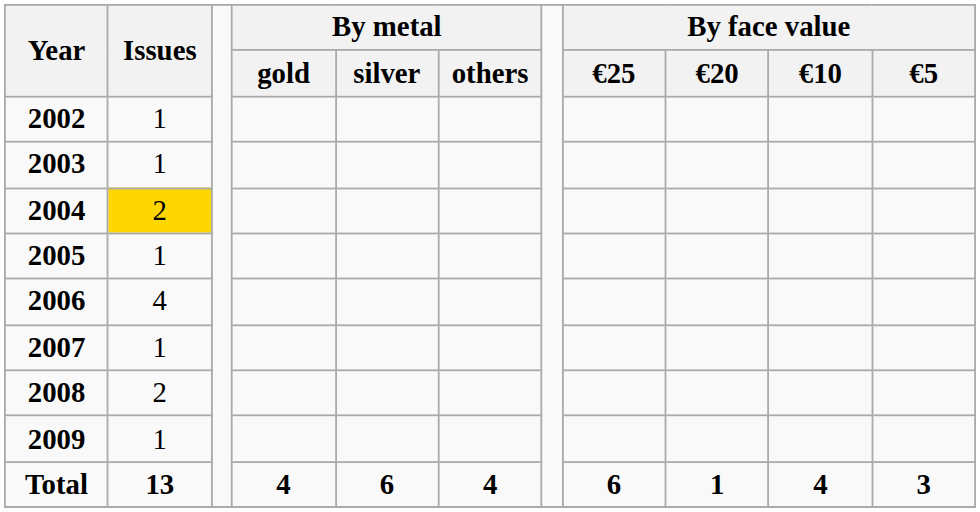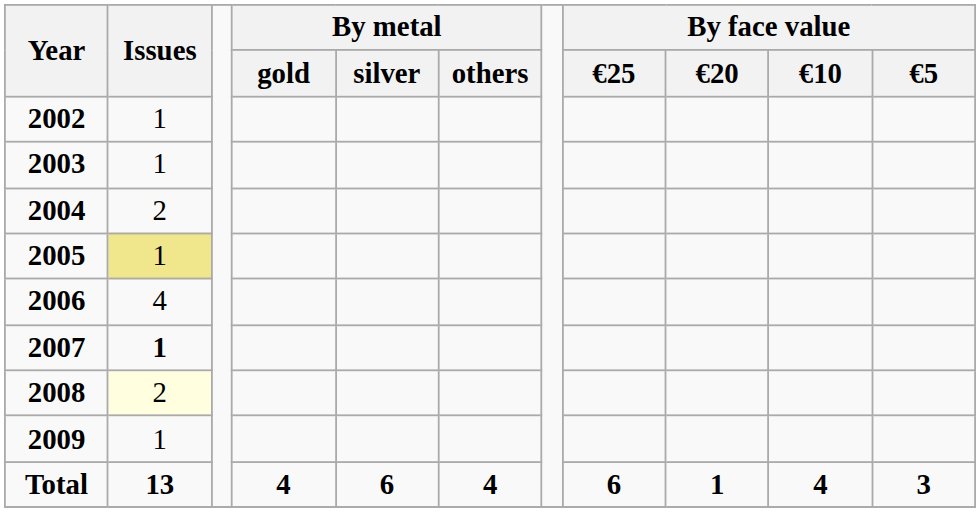 <table class="wikitable" style="text-align: center;">
 <tr>
 <th rowspan=2 width=50px>Year</th>
 <th rowspan=2 width=50px>Issues</th>
 <td rowspan=11> </td>
 <th colspan=3>By metal</th>
 <td rowspan=11> </td>
 <th colspan=5>By face value</th>
 </tr>
 <tr>
 <th width=50px>gold</th>
 <th width=50px>silver</th>
 <th width=50px>others</th>
 <th width=50px>€25</th>
 <th width=50px>€20</th>
 <th width=50px>€10</th>
 <th width=50px>€5</th>
 </tr>
 <tr>
 <td style="text-align: center;"><strong>2002</strong></td>
 <td>1</td>
 <td></td>
 <td></td>
 <td></td>
 <td></td>
 <td></td>
 <td></td>
 <td></td>
 </tr>
 <tr>
 <td style="text-align: center;"><strong>2003</strong></td>
 <td>1</td>
 <td></td>
 <td></td>
 <td></td>
 <td></td>
 <td></td>
 <td></td>
 <td></td>
 </tr>
 <tr>
 <td style="text-align: center;"><strong>2004</strong></td>
-<td style="background: gold;">2</td>
+<td>2</td>
 <td></td>
 <td></td>
 <td></td>
 <td></td>
 <td></td>
 <td></td>
 <td></td>
 </tr>
 <tr>
 <td style="text-align: center;"><strong>2005</strong></td>
-<td>1</td>
+<td style="background: khaki;">1</td>
 <td></td>
 <td></td>
 <td></td>
 <td></td>
 <td></td>
 <td></td>
 <td></td>
 </tr>
 <tr>
 <td style="text-align: center;"><strong>2006</strong></td>
 <td>4</td>
 <td></td>
 <td></td>
 <td></td>
 <td></td>
 <td></td>
 <td></td>
 <td></td>
 </tr>
 <tr>
 <td style="text-align: center;"><strong>2007</strong></td>
-<td>1</td>
+<td><strong>1</strong></td>
 <td></td>
 <td></td>
 <td></td>
 <td></td>
 <td></td>
 <td></td>
 <td></td>
 </tr>
 <tr>
 <td style="text-align: center;"><strong>2008</strong></td>
-<td>2</td>
+<td style="background: lightyellow;">2</td>
 <td></td>
 <td></td>
 <td></td>
 <td></td>
 <td></td>
 <td></td>
 <td></td>
 </tr>
 <tr>
 <td style="text-align: center;"><strong>2009</strong></td>
 <td>1</td>
 <td></td>
 <td></td>
 <td></td>
 <td></td>
 <td></td>
 <td></td>
 <td></td>
 </tr>
 <tr>
 <td style="text-align: center;"><strong>Total</strong></td>
 <td><strong>13</strong></td>
 <td><strong>4</strong></td>
 <td><strong>6</strong></td>
 <td><strong>4</strong></td>
 <td><strong>6</strong></td>
 <td><strong>1</strong></td>
 <td><strong>4</strong></td>
 <td><strong>3</strong></td>
 </tr>
 <tr>
 </tr>
 </table>
